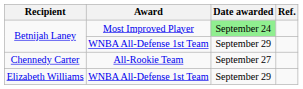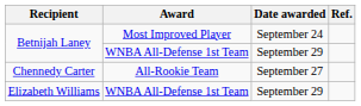 <table class="wikitable sortable sortable" style="text-align: center">
 <tr>
 <th>Recipient</th>
 <th>Award</th>
 <th>Date awarded</th>
 <th>Ref.</th>
 </tr>
 <tr>
 <td rowspan=2><a href='#'>Betnijah Laney</a></td>
 <td><a href='#'>Most Improved Player</a></td>
-<td style="background: lightgreen;">September 24</td>
+<td>September 24</td>
 <td></td>
 </tr>
 <tr>
 <td><a href='#'>WNBA All-Defense 1st Team</a></td>
 <td>September 29</td>
 <td><br></td>
 </tr>
 <tr>
 <td><a href='#'>Chennedy Carter</a></td>
 <td><a href='#'>All-Rookie Team</a></td>
 <td>September 27</td>
 <td></td>
 </tr>
 <tr>
 <td><a href='#'>Elizabeth Williams</a></td>
 <td><a href='#'>WNBA All-Defense 1st Team</a></td>
 <td>September 29</td>
 <td><br></td>
 </tr>
 </table>
